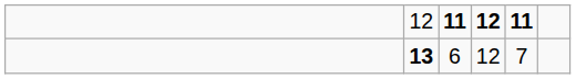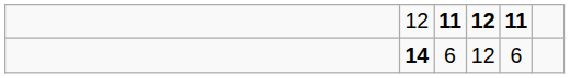 <table class="wikitable">
 <tr>
 <td style="width:18em"></td>
 <td align=center style="width:1em">12</td>
 <td align=center style="width:1em"><strong>11</strong></td>
 <td align=center style="width:1em"><strong>12</strong></td>
 <td align=center style="width:1em"><strong>11</strong></td>
 <td align=center style="width:1em"></td>
 </tr>
 <tr>
 <td style="width:18em"></td>
-<td align=center style="width:1em"><strong>13</strong></td>
+<td align=center style="width:1em"><strong>14</strong></td>
 <td align=center style="width:1em">6</td>
 <td align=center style="width:1em">12</td>
-<td align=center style="width:1em">7</td>
+<td align=center style="width:1em">6</td>
 <td align=center style="width:1em"></td>
 </tr>
 </table>
